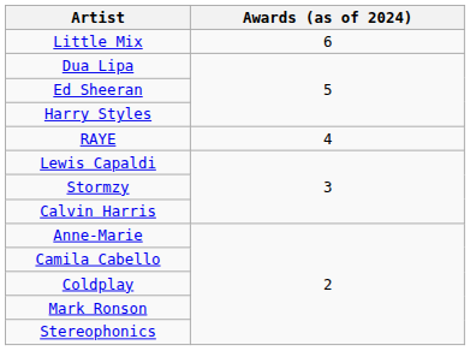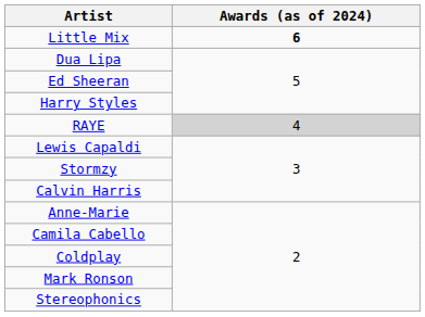 <table class="wikitable plainrowheaders" style="text-align:center;">
 <tr>
 <th scope="col" style="width:12em;">Artist</th>
 <th scope="col" style="width:18em;">Awards (as of 2024)</th>
 </tr>
 <tr>
 <td><a href='#'>Little Mix</a></td>
-<td align="center">6</td>
+<td align="center"><strong>6</strong></td>
 </tr>
 <tr>
 <td><a href='#'>Dua Lipa</a></td>
 <td rowspan="3" align="center">5</td>
 </tr>
 <tr>
 <td><a href='#'>Ed Sheeran</a></td>
 </tr>
 <tr>
 <td><a href='#'>Harry Styles</a></td>
 </tr>
 <tr>
 <td><a href='#'>RAYE</a></td>
-<td>4</td>
+<td style="background: lightgrey;">4</td>
 </tr>
 <tr>
 <td><a href='#'>Lewis Capaldi</a></td>
 <td rowspan="3">3</td>
 </tr>
 <tr>
 <td><a href='#'>Stormzy</a></td>
 </tr>
 <tr>
 <td><a href='#'>Calvin Harris</a></td>
 </tr>
 <tr>
 <td><a href='#'>Anne-Marie</a></td>
 <td rowspan="5">2</td>
 </tr>
 <tr>
 <td><a href='#'>Camila Cabello</a></td>
 </tr>
 <tr>
 <td><a href='#'>Coldplay</a></td>
 </tr>
 <tr>
 <td><a href='#'>Mark Ronson</a></td>
 </tr>
 <tr>
 <td><a href='#'>Stereophonics</a></td>
 </tr>
 </table>
